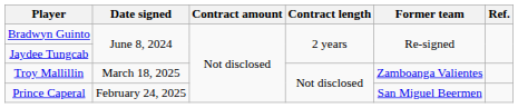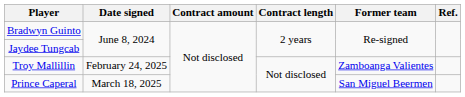 <table class="wikitable sortable sortable">
 <tr>
 <th>Player</th>
 <th>Date signed</th>
 <th>Contract amount</th>
 <th>Contract length</th>
 <th>Former team</th>
 <th>Ref.</th>
 </tr>
 <tr>
 <td align=center><a href='#'>Bradwyn Guinto</a></td>
 <td align=center rowspan=2>June 8, 2024</td>
 <td align=center rowspan=4>Not disclosed</td>
 <td align=center rowspan=2>2 years</td>
 <td align=center rowspan=2>Re-signed</td>
 <td align=center rowspan=2></td>
 </tr>
 <tr>
 <td align=center><a href='#'>Jaydee Tungcab</a></td>
 </tr>
 <tr>
 <td align=center><a href='#'>Troy Mallillin</a></td>
-<td align=center>March 18, 2025</td>
+<td align=center>February 24, 2025</td>
 <td align=center rowspan=2>Not disclosed</td>
 <td align=center><a href='#'>Zamboanga Valientes</a> </td>
 <td align=center></td>
 </tr>
 <tr>
 <td align=center><a href='#'>Prince Caperal</a></td>
-<td align=center>February 24, 2025</td>
+<td align=center>March 18, 2025</td>
 <td align=center><a href='#'>San Miguel Beermen</a></td>
 <td align=center></td>
 </tr>
 </table>
